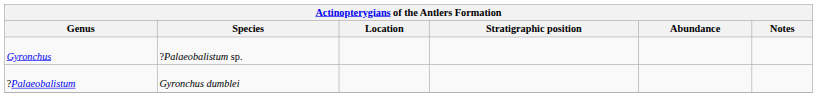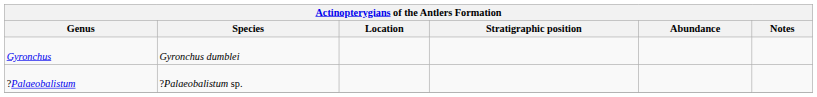 <table class="wikitable" align="center" width="100%">
 <tr>
 <th colspan="7" align="center"><strong><a href='#'>Actinopterygians</a> of the Antlers Formation</strong></th>
 </tr>
 <tr>
 <th>Genus</th>
 <th>Species</th>
 <th>Location</th>
 <th>Stratigraphic position</th>
 <th>Abundance</th>
 <th>Notes<br></th>
 </tr>
 <tr>
 <td><br><em><a href='#'>Gyronchus</a></em></td>
-<td><br>?<em>Palaeobalistum</em> sp.</td>
+<td><br><em>Gyronchus dumblei</em></td>
 <td></td>
 <td></td>
 <td></td>
 <td><br></td>
 </tr>
 <tr>
 <td><br>?<em><a href='#'>Palaeobalistum</a></em></td>
-<td><br><em>Gyronchus dumblei</em></td>
+<td><br>?<em>Palaeobalistum</em> sp.</td>
 <td></td>
 <td></td>
 <td></td>
 <td></td>
 </tr>
 <tr>
 </tr>
 </table>
